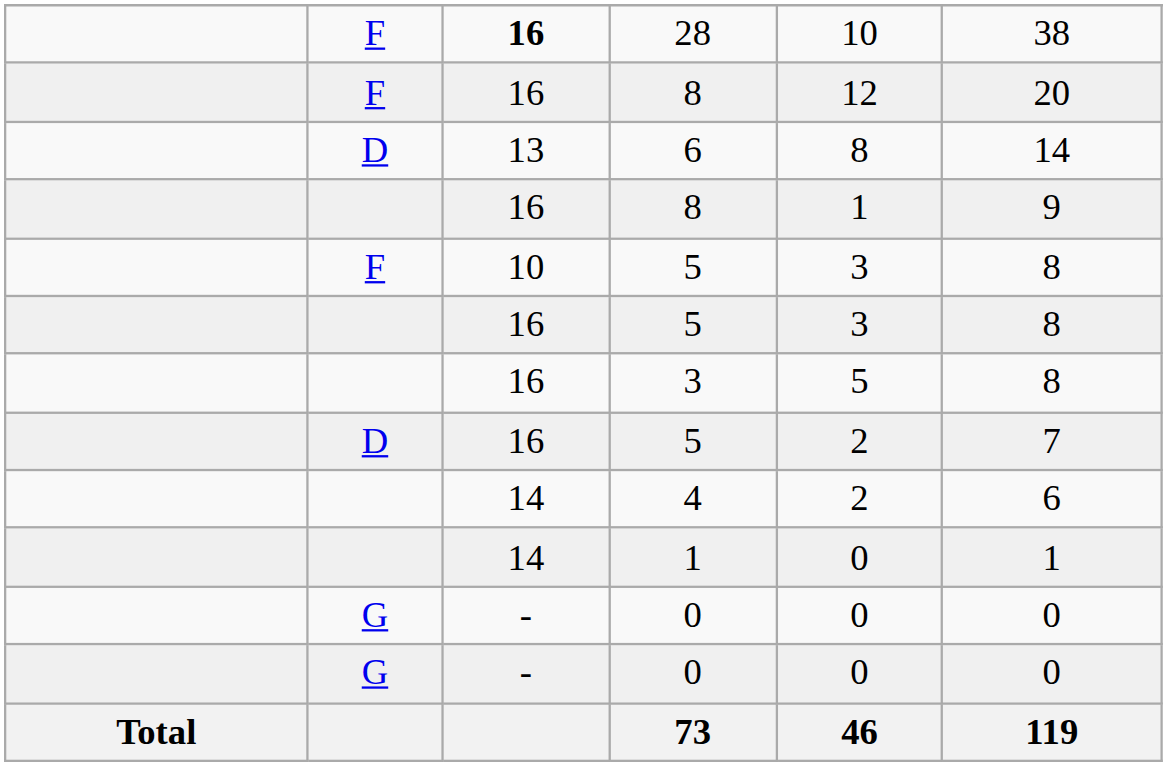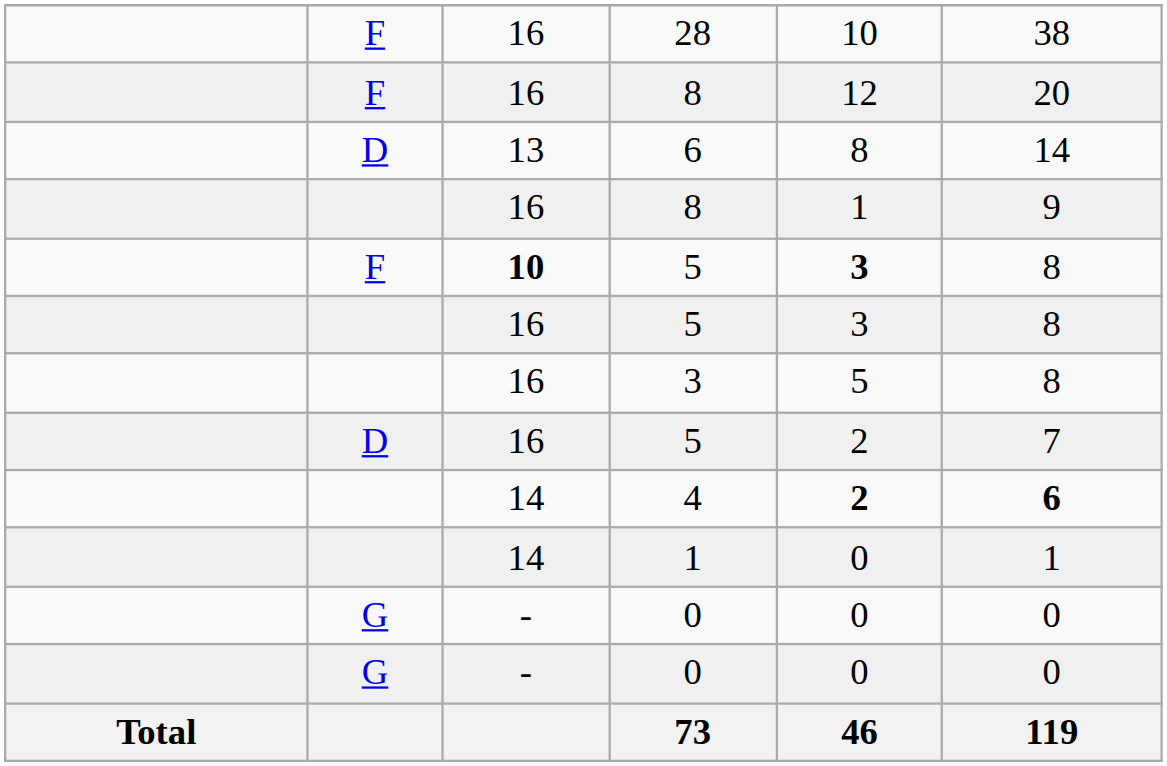 <table class="wikitable sortable" width ="40%">
 <tr align="center">
 </tr>
 <tr align="center" bgcolor="">
 <td></td>
 <td><a href='#'>F</a></td>
-<td><strong>16</strong></td>
+<td>16</td>
 <td>28</td>
 <td>10</td>
 <td>38</td>
 </tr>
 <tr align="center" bgcolor="f0f0f0">
 <td></td>
 <td><a href='#'>F</a></td>
 <td>16</td>
 <td>8</td>
 <td>12</td>
 <td>20</td>
 </tr>
 <tr align="center" bgcolor="">
 <td></td>
 <td><a href='#'>D</a></td>
 <td>13</td>
 <td>6</td>
 <td>8</td>
 <td>14</td>
 </tr>
 <tr align="center" bgcolor="f0f0f0">
 <td></td>
 <td></td>
 <td>16</td>
 <td>8</td>
 <td>1</td>
 <td>9</td>
 </tr>
 <tr align="center" bgcolor="">
 <td></td>
 <td><a href='#'>F</a></td>
-<td>10</td>
+<td><strong>10</strong></td>
 <td>5</td>
-<td>3</td>
+<td><strong>3</strong></td>
 <td>8</td>
 </tr>
 <tr align="center" bgcolor="f0f0f0">
 <td></td>
 <td></td>
 <td>16</td>
 <td>5</td>
 <td>3</td>
 <td>8</td>
 </tr>
 <tr align="center" bgcolor="">
 <td></td>
 <td></td>
 <td>16</td>
 <td>3</td>
 <td>5</td>
 <td>8</td>
 </tr>
 <tr align="center" bgcolor="f0f0f0">
 <td></td>
 <td><a href='#'>D</a></td>
 <td>16</td>
 <td>5</td>
 <td>2</td>
 <td>7</td>
 </tr>
 <tr align="center" bgcolor="">
 <td></td>
 <td></td>
 <td>14</td>
 <td>4</td>
-<td>2</td>
-<td>6</td>
+<td><strong>2</strong></td>
+<td><strong>6</strong></td>
 </tr>
 <tr align="center" bgcolor="f0f0f0">
 <td></td>
 <td></td>
 <td>14</td>
 <td>1</td>
 <td>0</td>
 <td>1</td>
 </tr>
 <tr align="center" bgcolor="">
 <td></td>
 <td><a href='#'>G</a></td>
 <td>-</td>
 <td>0</td>
 <td>0</td>
 <td>0</td>
 </tr>
 <tr align="center" bgcolor="f0f0f0">
 <td></td>
 <td><a href='#'>G</a></td>
 <td>-</td>
 <td>0</td>
 <td>0</td>
 <td>0</td>
 </tr>
 <tr>
 <th>Total</th>
 <th></th>
 <th></th>
 <th>73</th>
 <th>46</th>
 <th>119</th>
 </tr>
 </table>
